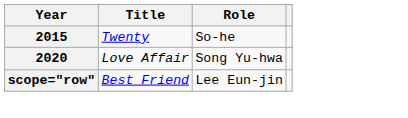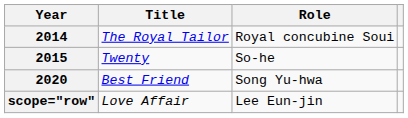 <table class="wikitable plainrowheaders">
 <tr>
 <th scope="col">Year</th>
 <th scope="col">Title</th>
 <th scope="col">Role</th>
 <th scope="col" class="unsortable"></th>
+</tr>
+<tr>
+<th scope="row">2014</th>
+<td><em><a href='#'>The Royal Tailor</a></em></td>
+<td>Royal concubine Soui</td>
+<td style="text-align:center"></td>
 </tr>
 <tr>
 <th scope="row">2015</th>
 <td><em><a href='#'>Twenty</a></em></td>
 <td>So-he</td>
 <td style="text-align:center"></td>
 </tr>
 <tr>
 <th scope="row">2020</th>
-<td><em>Love Affair</em></td>
+<td><em><a href='#'>Best Friend</a></em></td>
 <td>Song Yu-hwa</td>
 <td style="text-align:center"></td>
 </tr>
 <tr>
 <th>scope="row" </th>
-<td><em><a href='#'>Best Friend</a></em></td>
+<td><em>Love Affair</em></td>
 <td>Lee Eun-jin</td>
 <td style="text-align:center"></td>
 </tr>
 </table>
